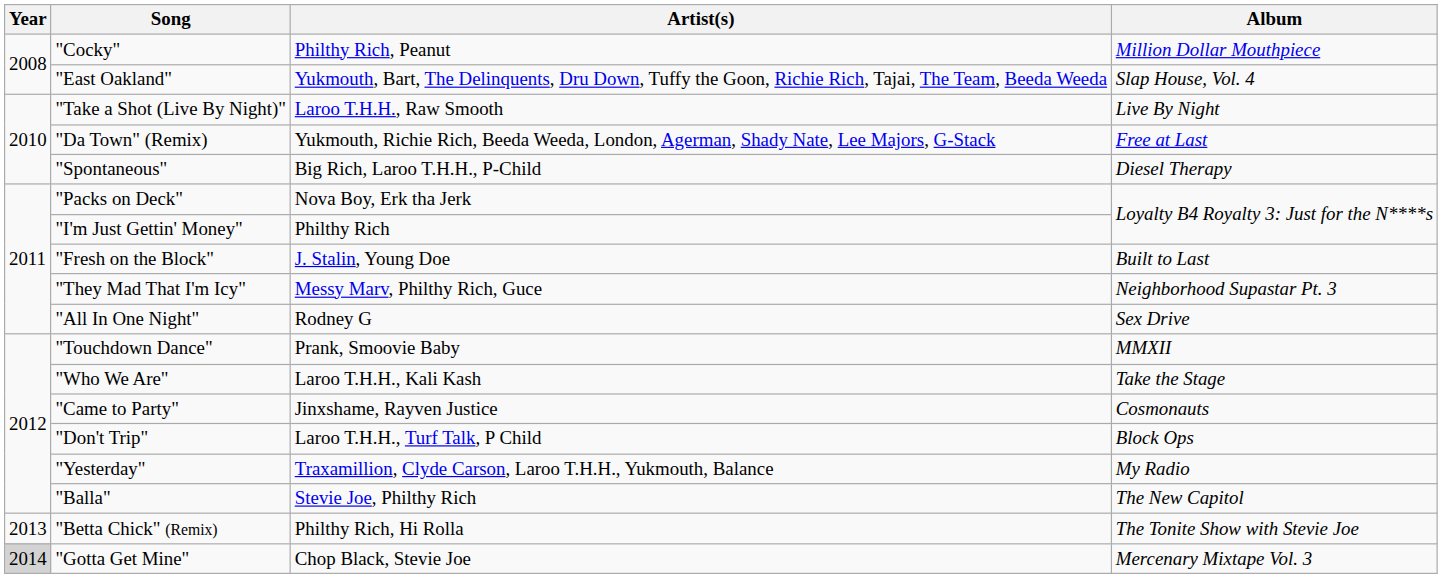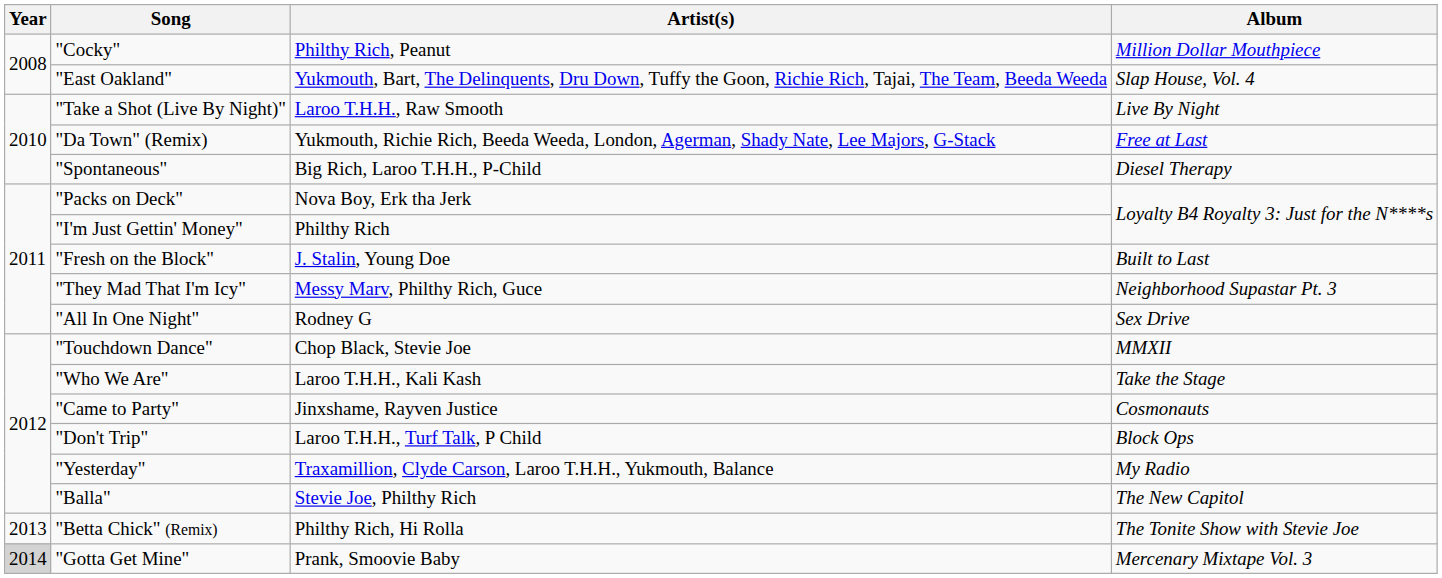 <table class="wikitable">
 <tr>
 <th>Year</th>
 <th>Song</th>
 <th>Artist(s)</th>
 <th>Album</th>
 </tr>
 <tr>
 <td rowspan="2">2008</td>
 <td>"Cocky"</td>
 <td><a href='#'>Philthy Rich</a>, Peanut</td>
 <td><em><a href='#'>Million Dollar Mouthpiece</a></em></td>
 </tr>
 <tr>
 <td>"East Oakland"</td>
 <td><a href='#'>Yukmouth</a>, Bart, <a href='#'>The Delinquents</a>, <a href='#'>Dru Down</a>, Tuffy the Goon, <a href='#'>Richie Rich</a>, Tajai, <a href='#'>The Team</a>, <a href='#'>Beeda Weeda</a></td>
 <td><em>Slap House, Vol. 4</em></td>
 </tr>
 <tr>
 <td rowspan="3">2010</td>
 <td>"Take a Shot (Live By Night)"</td>
 <td><a href='#'>Laroo T.H.H.</a>, Raw Smooth</td>
 <td><em>Live By Night</em></td>
 </tr>
 <tr>
 <td>"Da Town" (Remix)</td>
 <td>Yukmouth, Richie Rich, Beeda Weeda, London, <a href='#'>Agerman</a>, <a href='#'>Shady Nate</a>, <a href='#'>Lee Majors</a>, <a href='#'>G-Stack</a></td>
 <td><em><a href='#'>Free at Last</a></em></td>
 </tr>
 <tr>
 <td>"Spontaneous"</td>
 <td>Big Rich, Laroo T.H.H., P-Child</td>
 <td><em>Diesel Therapy</em></td>
 </tr>
 <tr>
 <td rowspan="5">2011</td>
 <td>"Packs on Deck"</td>
 <td>Nova Boy, Erk tha Jerk</td>
 <td rowspan="2"><em>Loyalty B4 Royalty 3: Just for the N****s</em></td>
 </tr>
 <tr>
 <td>"I'm Just Gettin' Money"</td>
 <td>Philthy Rich</td>
 </tr>
 <tr>
 <td>"Fresh on the Block"</td>
 <td><a href='#'>J. Stalin</a>, Young Doe</td>
 <td><em>Built to Last</em></td>
 </tr>
 <tr>
 <td>"They Mad That I'm Icy"</td>
 <td><a href='#'>Messy Marv</a>, Philthy Rich, Guce</td>
 <td><em>Neighborhood Supastar Pt. 3</em></td>
 </tr>
 <tr>
 <td>"All In One Night"</td>
 <td>Rodney G</td>
 <td><em>Sex Drive</em></td>
 </tr>
 <tr>
 <td rowspan="6">2012</td>
 <td>"Touchdown Dance"</td>
-<td>Prank, Smoovie Baby</td>
+<td>Chop Black, Stevie Joe</td>
 <td><em>MMXII</em></td>
 </tr>
 <tr>
 <td>"Who We Are"</td>
 <td>Laroo T.H.H., Kali Kash</td>
 <td><em>Take the Stage</em></td>
 </tr>
 <tr>
 <td>"Came to Party"</td>
 <td>Jinxshame, Rayven Justice</td>
 <td><em>Cosmonauts</em></td>
 </tr>
 <tr>
 <td>"Don't Trip"</td>
 <td>Laroo T.H.H., <a href='#'>Turf Talk</a>, P Child</td>
 <td><em>Block Ops</em></td>
 </tr>
 <tr>
 <td>"Yesterday"</td>
 <td><a href='#'>Traxamillion</a>, <a href='#'>Clyde Carson</a>, Laroo T.H.H., Yukmouth, Balance</td>
 <td><em>My Radio</em></td>
 </tr>
 <tr>
 <td>"Balla"</td>
 <td><a href='#'>Stevie Joe</a>, Philthy Rich</td>
 <td><em>The New Capitol</em></td>
 </tr>
 <tr>
 <td>2013</td>
 <td>"Betta Chick" <small>(Remix)</small></td>
 <td>Philthy Rich, Hi Rolla</td>
 <td><em>The Tonite Show with Stevie Joe</em></td>
 </tr>
 <tr>
 <td style="background: lightgrey;">2014</td>
 <td>"Gotta Get Mine"</td>
-<td>Chop Black, Stevie Joe</td>
+<td>Prank, Smoovie Baby</td>
 <td><em>Mercenary Mixtape Vol. 3</em></td>
 </tr>
 </table>
